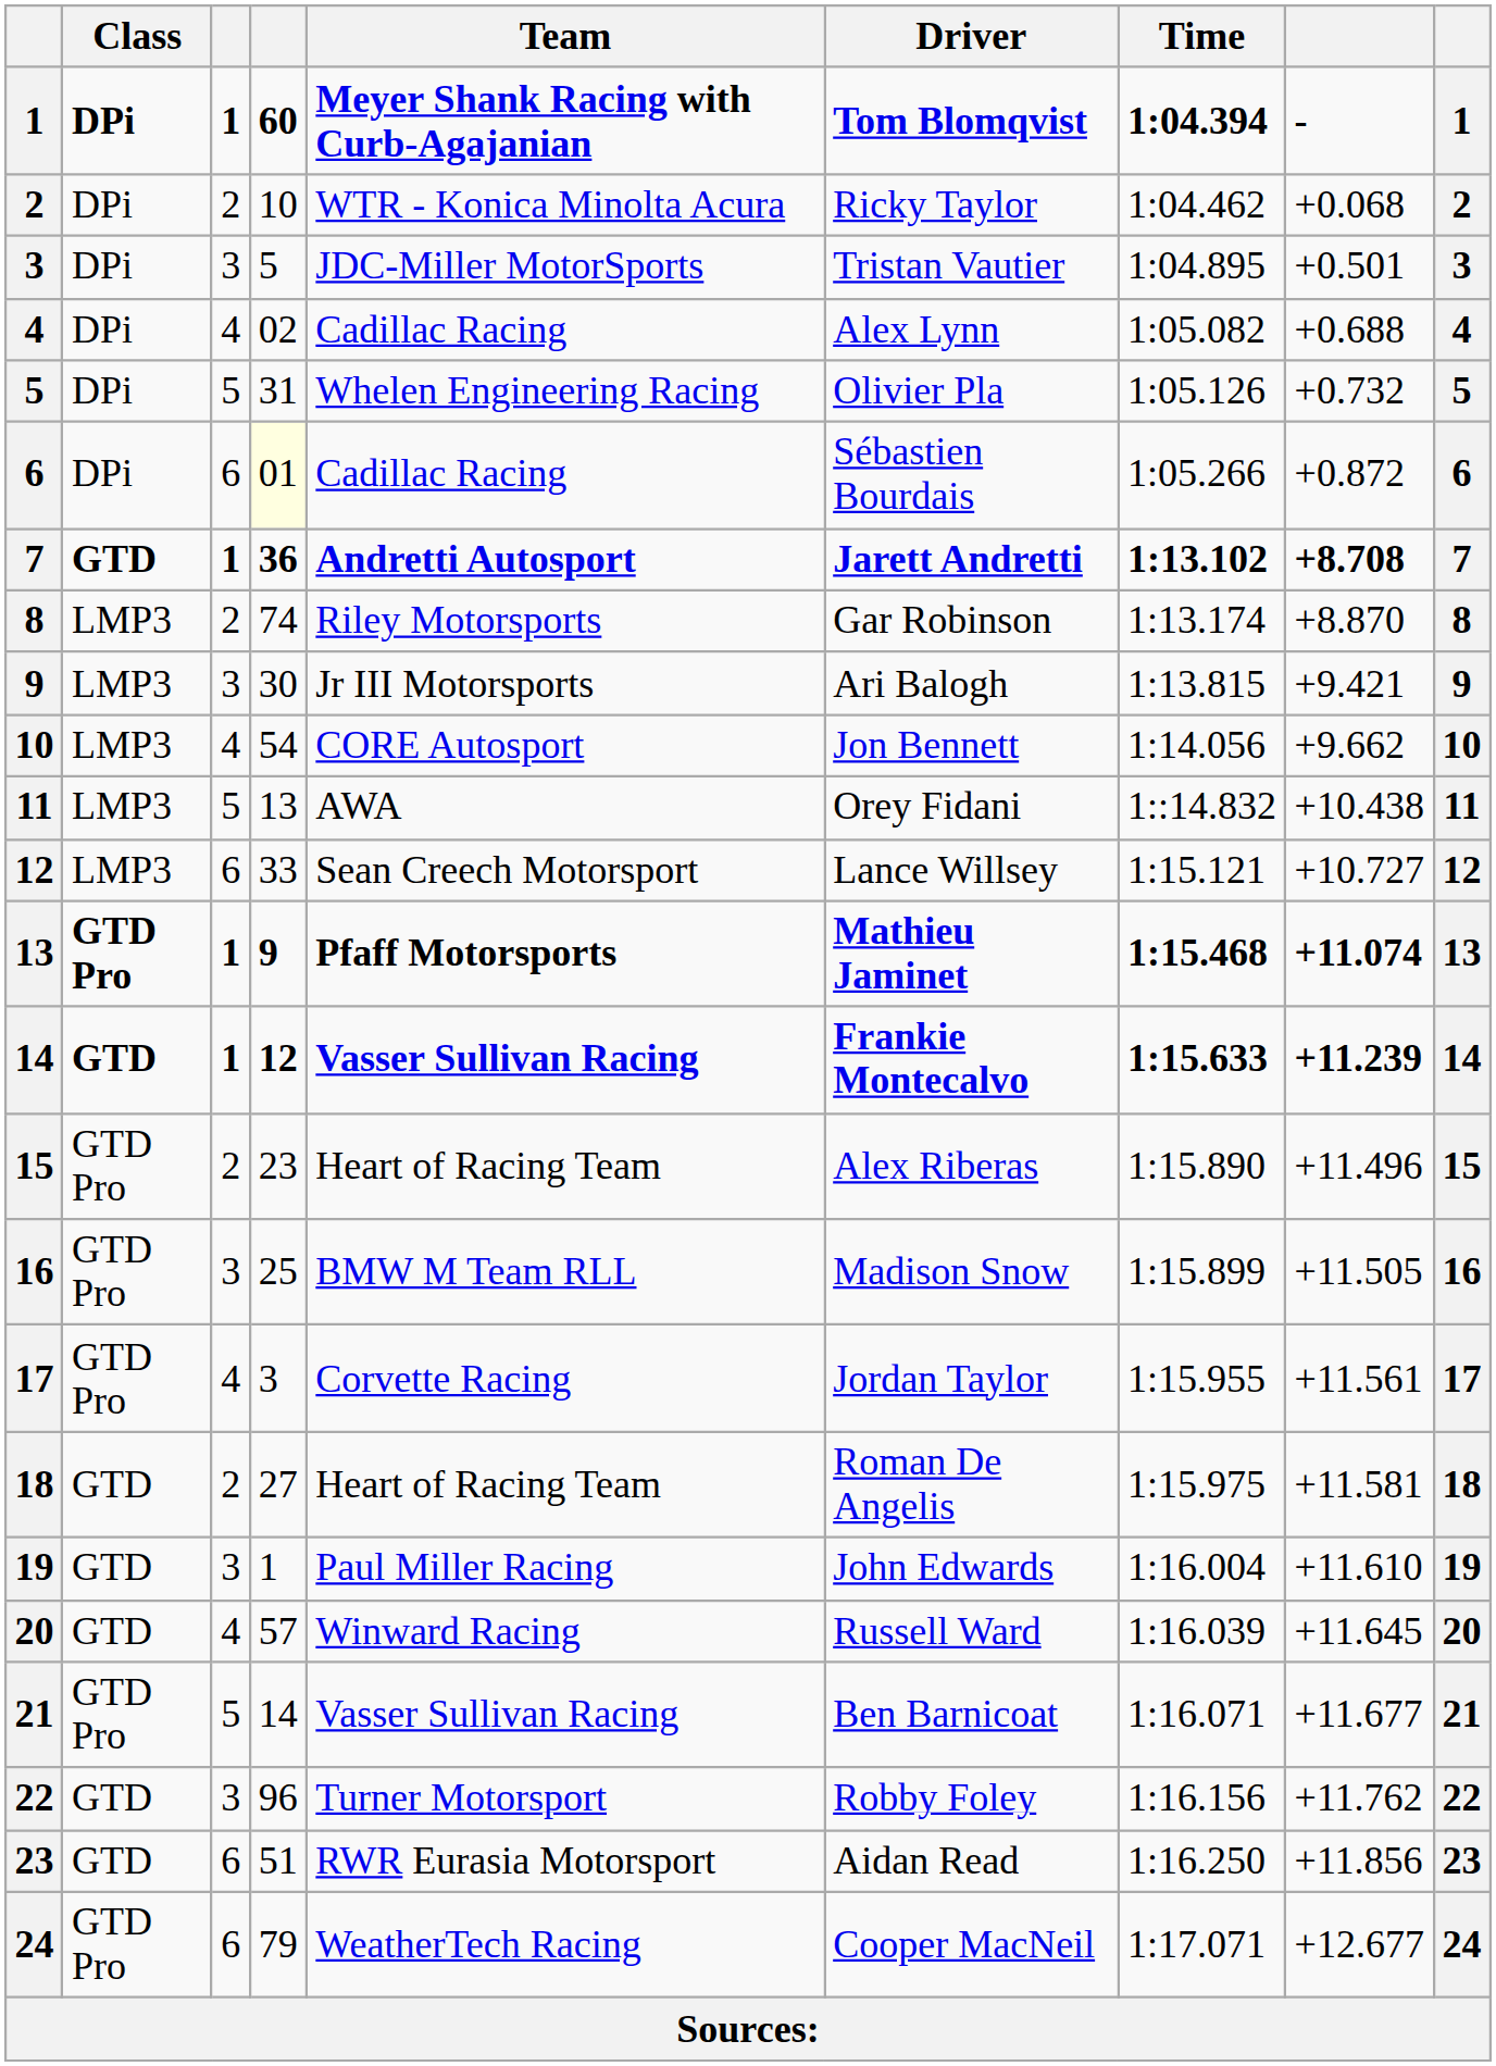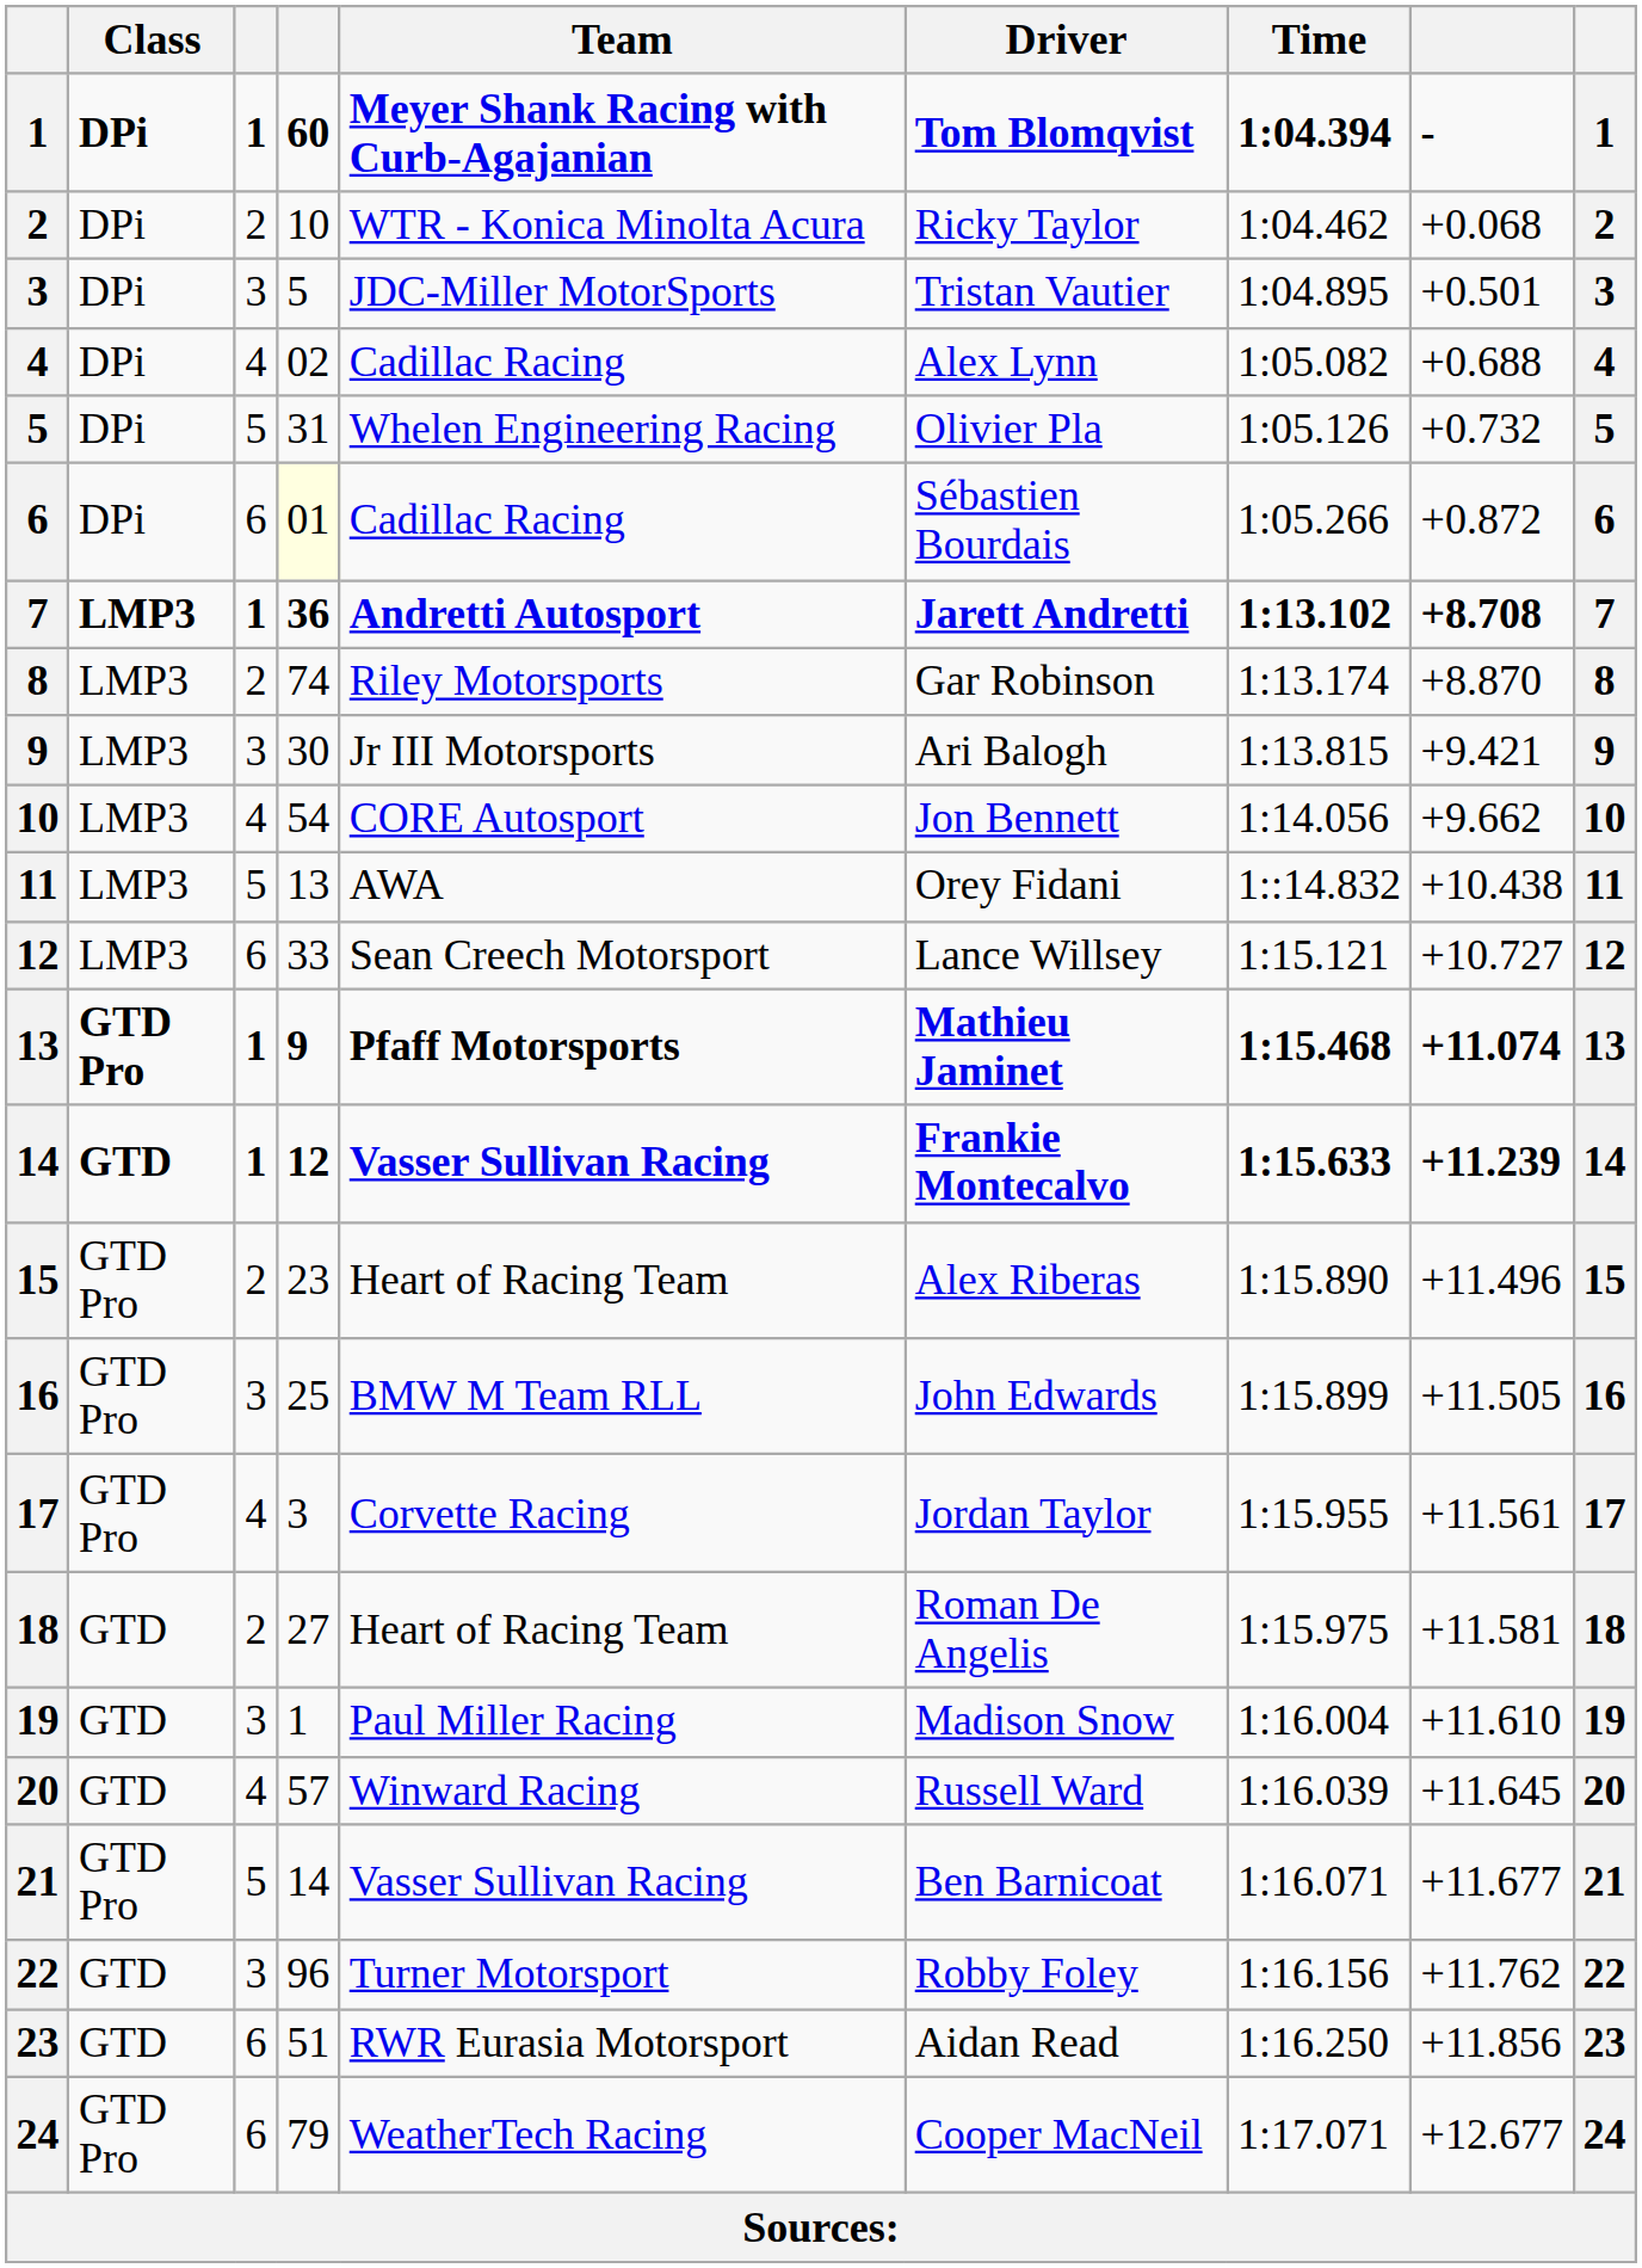 <table class="wikitable">
 <tr>
 <th scope="col"></th>
 <th scope="col">Class</th>
 <th scope="col"></th>
 <th scope="col"></th>
 <th scope="col">Team</th>
 <th scope="col">Driver</th>
 <th scope="col">Time</th>
 <th scope="col"></th>
 <th scope="col"></th>
 </tr>
 <tr style="font-weight:bold">
 <th scope="row">1</th>
 <td>DPi</td>
 <td>1</td>
 <td>60</td>
 <td> <a href='#'>Meyer Shank Racing</a> with <a href='#'>Curb-Agajanian</a></td>
 <td> <a href='#'>Tom Blomqvist</a></td>
 <td>1:04.394</td>
 <td>-</td>
 <th><strong>1</strong></th>
 </tr>
 <tr>
 <th scope="row">2</th>
 <td>DPi</td>
 <td>2</td>
 <td>10</td>
 <td> <a href='#'>WTR - Konica Minolta Acura</a></td>
 <td> <a href='#'>Ricky Taylor</a></td>
 <td>1:04.462</td>
 <td>+0.068</td>
 <th>2</th>
 </tr>
 <tr>
 <th scope="row">3</th>
 <td>DPi</td>
 <td>3</td>
 <td>5</td>
 <td> <a href='#'>JDC-Miller MotorSports</a></td>
 <td> <a href='#'>Tristan Vautier</a></td>
 <td>1:04.895</td>
 <td>+0.501</td>
 <th>3</th>
 </tr>
 <tr>
 <th scope="row">4</th>
 <td>DPi</td>
 <td>4</td>
 <td>02</td>
 <td> <a href='#'>Cadillac Racing</a></td>
 <td> <a href='#'>Alex Lynn</a></td>
 <td>1:05.082</td>
 <td>+0.688</td>
 <th>4</th>
 </tr>
 <tr>
 <th scope="row">5</th>
 <td>DPi</td>
 <td>5</td>
 <td>31</td>
 <td> <a href='#'>Whelen Engineering Racing</a></td>
 <td> <a href='#'>Olivier Pla</a></td>
 <td>1:05.126</td>
 <td>+0.732</td>
 <th>5</th>
 </tr>
 <tr>
 <th scope="row">6</th>
 <td>DPi</td>
 <td>6</td>
 <td style="background: lightyellow;">01</td>
 <td> <a href='#'>Cadillac Racing</a></td>
 <td> <a href='#'>Sébastien Bourdais</a></td>
 <td>1:05.266</td>
 <td>+0.872</td>
 <th>6</th>
 </tr>
 <tr style="font-weight:bold">
 <th scope="row">7</th>
-<td>GTD</td>
+<td>LMP3</td>
 <td>1</td>
 <td>36</td>
 <td> <a href='#'>Andretti Autosport</a></td>
 <td> <a href='#'>Jarett Andretti</a></td>
 <td>1:13.102</td>
 <td>+8.708</td>
 <th>7</th>
 </tr>
 <tr>
 <th scope="row">8</th>
 <td>LMP3</td>
 <td>2</td>
 <td>74</td>
 <td> <a href='#'>Riley Motorsports</a></td>
 <td> Gar Robinson</td>
 <td>1:13.174</td>
 <td>+8.870</td>
 <th>8</th>
 </tr>
 <tr>
 <th scope="row">9</th>
 <td>LMP3</td>
 <td>3</td>
 <td>30</td>
 <td> Jr III Motorsports</td>
 <td> Ari Balogh</td>
 <td>1:13.815</td>
 <td>+9.421</td>
 <th>9</th>
 </tr>
 <tr>
 <th scope="row">10</th>
 <td>LMP3</td>
 <td>4</td>
 <td>54</td>
 <td> <a href='#'>CORE Autosport</a></td>
 <td> <a href='#'>Jon Bennett</a></td>
 <td>1:14.056</td>
 <td>+9.662</td>
 <th>10</th>
 </tr>
 <tr>
 <th scope="row">11</th>
 <td>LMP3</td>
 <td>5</td>
 <td>13</td>
 <td> AWA</td>
 <td> Orey Fidani</td>
 <td>1::14.832</td>
 <td>+10.438</td>
 <th>11</th>
 </tr>
 <tr>
 <th scope="row">12</th>
 <td>LMP3</td>
 <td>6</td>
 <td>33</td>
 <td> Sean Creech Motorsport</td>
 <td> Lance Willsey</td>
 <td>1:15.121</td>
 <td>+10.727</td>
 <th>12</th>
 </tr>
 <tr style="font-weight:bold">
 <th scope="row">13</th>
 <td>GTD Pro</td>
 <td>1</td>
 <td>9</td>
 <td> Pfaff Motorsports</td>
 <td> <a href='#'>Mathieu Jaminet</a></td>
 <td>1:15.468</td>
 <td>+11.074</td>
 <th><strong>13</strong></th>
 </tr>
 <tr style="font-weight:bold">
 <th scope="row">14</th>
 <td>GTD</td>
 <td>1</td>
 <td>12</td>
 <td> <a href='#'>Vasser Sullivan Racing</a></td>
 <td> <a href='#'>Frankie Montecalvo</a></td>
 <td>1:15.633</td>
 <td>+11.239</td>
 <th>14</th>
 </tr>
 <tr>
 <th scope="row">15</th>
 <td>GTD Pro</td>
 <td>2</td>
 <td>23</td>
 <td> Heart of Racing Team</td>
 <td> <a href='#'>Alex Riberas</a></td>
 <td>1:15.890</td>
 <td>+11.496</td>
 <th>15</th>
 </tr>
 <tr>
 <th scope="row">16</th>
 <td>GTD Pro</td>
 <td>3</td>
 <td>25</td>
 <td> <a href='#'>BMW M Team RLL</a></td>
-<td> <a href='#'>Madison Snow</a></td>
+<td> <a href='#'>John Edwards</a></td>
 <td>1:15.899</td>
 <td>+11.505</td>
 <th>16</th>
 </tr>
 <tr>
 <th scope="row">17</th>
 <td>GTD Pro</td>
 <td>4</td>
 <td>3</td>
 <td> <a href='#'>Corvette Racing</a></td>
 <td> <a href='#'>Jordan Taylor</a></td>
 <td>1:15.955</td>
 <td>+11.561</td>
 <th>17</th>
 </tr>
 <tr>
 <th scope="row">18</th>
 <td>GTD</td>
 <td>2</td>
 <td>27</td>
 <td> Heart of Racing Team</td>
 <td> <a href='#'>Roman De Angelis</a></td>
 <td>1:15.975</td>
 <td>+11.581</td>
 <th>18</th>
 </tr>
 <tr>
 <th scope="row">19</th>
 <td>GTD</td>
 <td>3</td>
 <td>1</td>
 <td> <a href='#'>Paul Miller Racing</a></td>
-<td> <a href='#'>John Edwards</a></td>
+<td> <a href='#'>Madison Snow</a></td>
 <td>1:16.004</td>
 <td>+11.610</td>
 <th>19</th>
 </tr>
 <tr>
 <th scope="row">20</th>
 <td>GTD</td>
 <td>4</td>
 <td>57</td>
 <td> <a href='#'>Winward Racing</a></td>
 <td> <a href='#'>Russell Ward</a></td>
 <td>1:16.039</td>
 <td>+11.645</td>
 <th>20</th>
 </tr>
 <tr>
 <th scope="row">21</th>
 <td>GTD Pro</td>
 <td>5</td>
 <td>14</td>
 <td> <a href='#'>Vasser Sullivan Racing</a></td>
 <td> <a href='#'>Ben Barnicoat</a></td>
 <td>1:16.071</td>
 <td>+11.677</td>
 <th>21</th>
 </tr>
 <tr>
 <th scope="row">22</th>
 <td>GTD</td>
 <td>3</td>
 <td>96</td>
 <td> <a href='#'>Turner Motorsport</a></td>
 <td> <a href='#'>Robby Foley</a></td>
 <td>1:16.156</td>
 <td>+11.762</td>
 <th>22</th>
 </tr>
 <tr>
 <th scope="row">23</th>
 <td>GTD</td>
 <td>6</td>
 <td>51</td>
 <td> <a href='#'>RWR</a> Eurasia Motorsport</td>
 <td> Aidan Read</td>
 <td>1:16.250</td>
 <td>+11.856</td>
 <th>23</th>
 </tr>
 <tr>
 <th scope="row">24</th>
 <td>GTD Pro</td>
 <td>6</td>
 <td>79</td>
 <td> <a href='#'>WeatherTech Racing</a></td>
 <td> <a href='#'>Cooper MacNeil</a></td>
 <td>1:17.071</td>
 <td>+12.677</td>
 <th>24</th>
 </tr>
 <tr>
 <th colspan=9>Sources:</th>
 </tr>
 <tr>
 </tr>
 </table>
